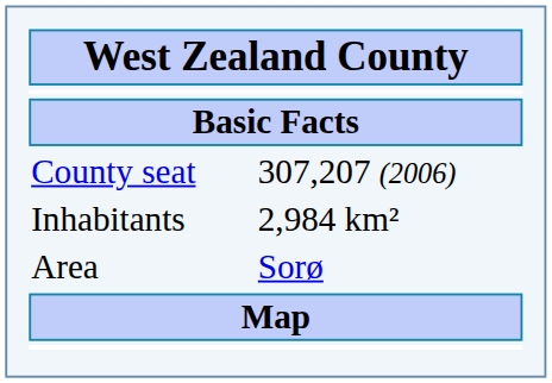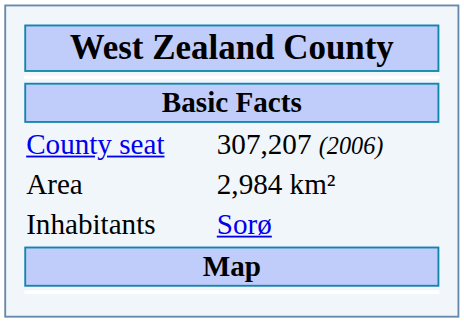 <table colspan="4" width=250 style="border: 1px solid #6688AA; background-color:#f0f6fa; margin:0.5em; padding:0.5em; float:right" valign="top" |>
 <tr>
 <td style="border: 1px solid #1188AA; background-color:#c0ccfa" align="center" colspan="2"><big><strong>West Zealand County</strong></big><br></td>
 </tr>
 <tr>
 <td bgcolor=#FFFFFF align="center" colspan="2"></td>
 </tr>
 <tr>
 <td style="border: 1px solid #1188AA; background-color:#c0ccfa" align="center" colspan="2"><strong>Basic Facts</strong></td>
 </tr>
 <tr>
 <td><a href='#'>County seat</a></td>
 <td>307,207 <small><em>(2006)</em></small></td>
 </tr>
 <tr>
-<td>Inhabitants</td>
+<td>Area</td>
 <td>2,984 km²</td>
 </tr>
 <tr>
-<td>Area</td>
+<td>Inhabitants</td>
 <td><a href='#'>Sorø</a></td>
 </tr>
 <tr>
 <td style="border: 1px solid #1188AA; background-color:#c0ccfa" align="center" colspan="2"><strong>Map</strong></td>
 </tr>
 <tr>
 <td bgcolor=#FFFFFF align="center" colspan="2"></td>
 </tr>
 <tr>
 </tr>
 </table>
